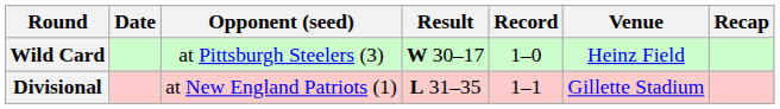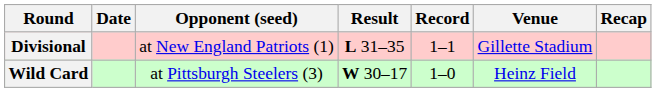 <table class="wikitable" style="text-align:center">
 <tr>
 <th>Round</th>
 <th>Date</th>
 <th>Opponent (seed)</th>
 <th>Result</th>
 <th>Record</th>
 <th>Venue</th>
 <th>Recap</th>
 </tr>
+<tr style="background:#fcc">
+<th>Divisional</th>
+<td></td>
+<td>at <a href='#'>New England Patriots</a> (1)</td>
+<td><strong>L</strong> 31–35</td>
+<td>1–1</td>
+<td><a href='#'>Gillette Stadium</a></td>
+<td></td>
+</tr>
 <tr style="background:#cfc">
 <th>Wild Card</th>
 <td></td>
 <td>at <a href='#'>Pittsburgh Steelers</a> (3)</td>
 <td><strong>W</strong> 30–17</td>
 <td>1–0</td>
 <td><a href='#'>Heinz Field</a></td>
 <td></td>
 </tr>
-<tr style="background:#fcc">
-<th>Divisional</th>
-<td></td>
-<td>at <a href='#'>New England Patriots</a> (1)</td>
-<td><strong>L</strong> 31–35</td>
-<td>1–1</td>
-<td><a href='#'>Gillette Stadium</a></td>
-<td></td>
-</tr>
 </table>
